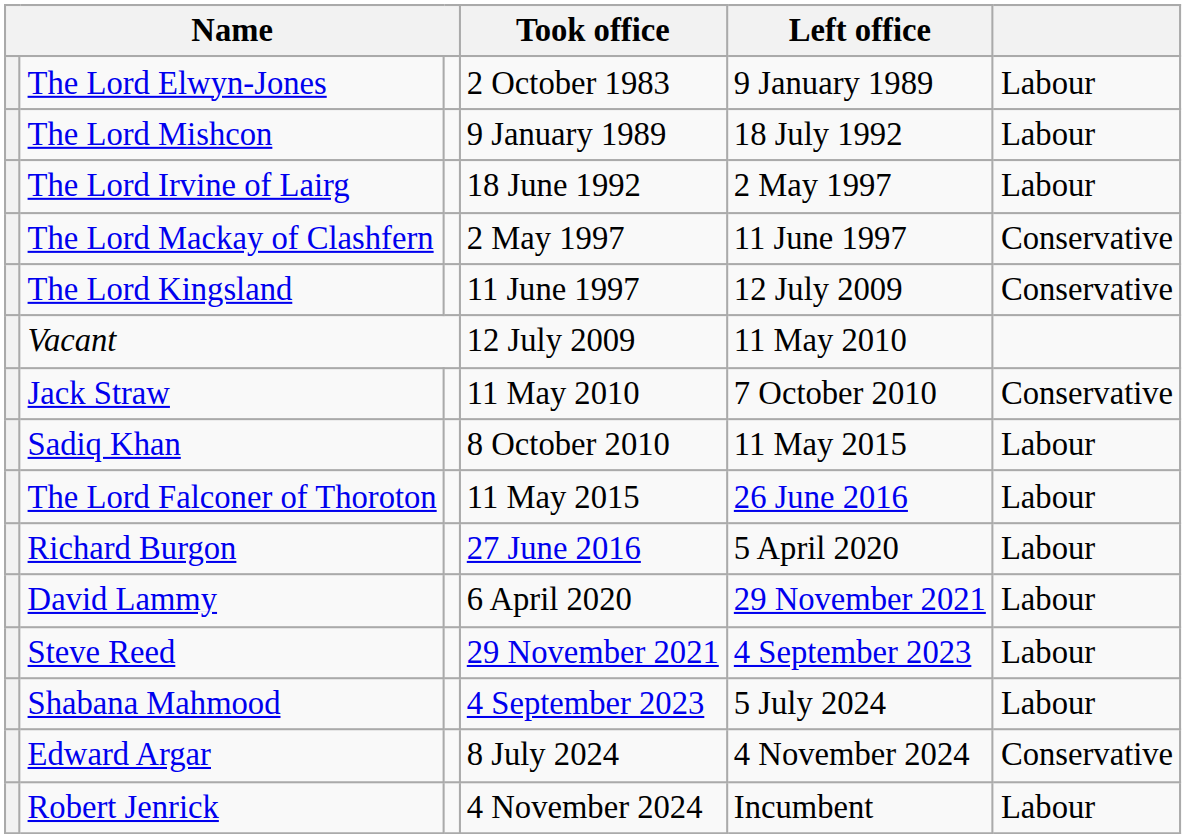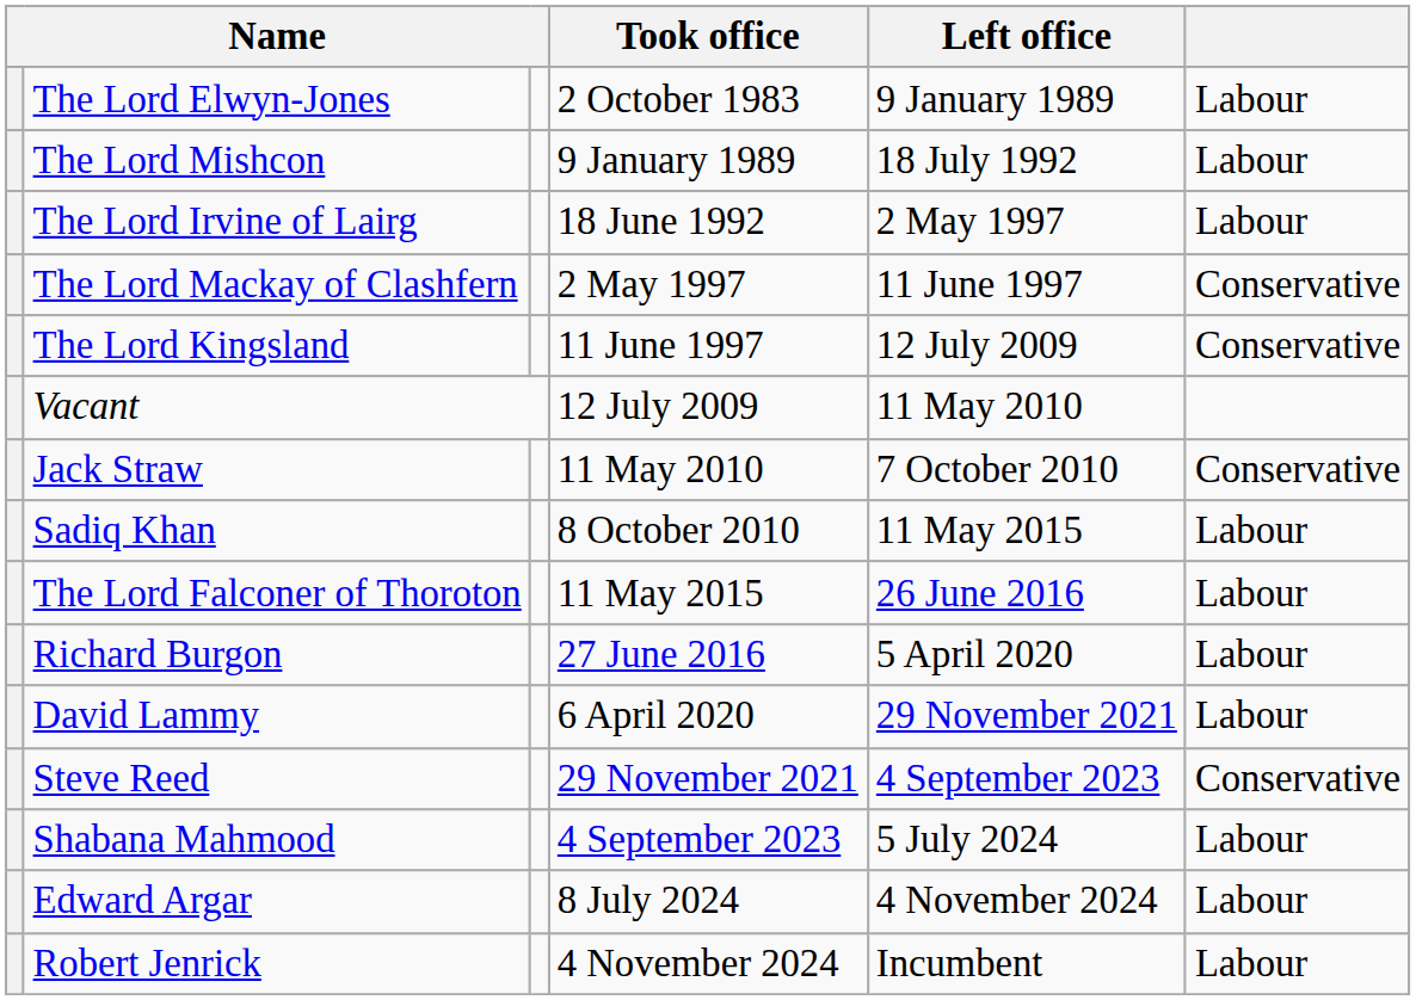 <table class="wikitable">
 <tr>
 <th colspan="3">Name</th>
 <th>Took office</th>
 <th>Left office</th>
 <th width="50"></th>
 </tr>
 <tr>
 <th style="background-color: "></th>
 <td><a href='#'>The Lord Elwyn-Jones</a></td>
 <td></td>
 <td>2 October 1983</td>
 <td>9 January 1989</td>
 <td>Labour</td>
 </tr>
 <tr>
 <th style="background-color: "></th>
 <td><a href='#'>The Lord Mishcon</a></td>
 <td></td>
 <td>9 January 1989</td>
 <td>18 July 1992</td>
 <td>Labour</td>
 </tr>
 <tr>
 <th style="background-color: "></th>
 <td><a href='#'>The Lord Irvine of Lairg</a></td>
 <td></td>
 <td>18 June 1992</td>
 <td>2 May 1997</td>
 <td>Labour</td>
 </tr>
 <tr>
 <th style="background-color: "></th>
 <td><a href='#'>The Lord Mackay of Clashfern</a></td>
 <td></td>
 <td>2 May 1997</td>
 <td>11 June 1997</td>
 <td>Conservative</td>
 </tr>
 <tr>
 <th style="background-color: "></th>
 <td><a href='#'>The Lord Kingsland</a></td>
 <td></td>
 <td>11 June 1997</td>
 <td>12 July 2009</td>
 <td>Conservative</td>
 </tr>
 <tr>
 <th></th>
 <td colspan=2><em>Vacant</em></td>
 <td>12 July 2009</td>
 <td>11 May 2010</td>
 <td></td>
 </tr>
 <tr>
 <th style="background-color: "></th>
 <td><a href='#'>Jack Straw</a></td>
 <td></td>
 <td>11 May 2010</td>
 <td>7 October 2010</td>
 <td>Conservative</td>
 </tr>
 <tr>
 <th style="background-color: "></th>
 <td><a href='#'>Sadiq Khan</a></td>
 <td></td>
 <td>8 October 2010</td>
 <td>11 May 2015</td>
 <td>Labour</td>
 </tr>
 <tr>
 <th style="background-color: "></th>
 <td><a href='#'>The Lord Falconer of Thoroton</a></td>
 <td></td>
 <td>11 May 2015</td>
 <td><a href='#'>26 June 2016</a></td>
 <td>Labour</td>
 </tr>
 <tr>
 <th style="background-color: "></th>
 <td><a href='#'>Richard Burgon</a></td>
 <td></td>
 <td><a href='#'>27 June 2016</a></td>
 <td>5 April 2020</td>
 <td>Labour</td>
 </tr>
 <tr>
 <th style="background-color: "></th>
 <td><a href='#'>David Lammy</a></td>
 <td></td>
 <td>6 April 2020</td>
 <td><a href='#'>29 November 2021</a></td>
 <td>Labour</td>
 </tr>
 <tr>
 <th style="background-color: "></th>
 <td><a href='#'>Steve Reed</a></td>
 <td></td>
 <td><a href='#'>29 November 2021</a></td>
 <td><a href='#'>4 September 2023</a></td>
-<td>Labour</td>
+<td>Conservative</td>
 </tr>
 <tr>
 <th style="background-color: "></th>
 <td><a href='#'>Shabana Mahmood</a></td>
 <td></td>
 <td><a href='#'>4 September 2023</a></td>
 <td>5 July 2024</td>
 <td>Labour</td>
 </tr>
 <tr>
 <th style="background-color: "></th>
 <td><a href='#'>Edward Argar</a></td>
 <td></td>
 <td>8 July 2024</td>
 <td>4 November 2024</td>
-<td>Conservative</td>
+<td>Labour</td>
 </tr>
 <tr>
 <th style="background-color: "></th>
 <td><a href='#'>Robert Jenrick</a></td>
 <td></td>
 <td>4 November 2024</td>
 <td>Incumbent</td>
 <td>Labour</td>
 </tr>
 </table>
